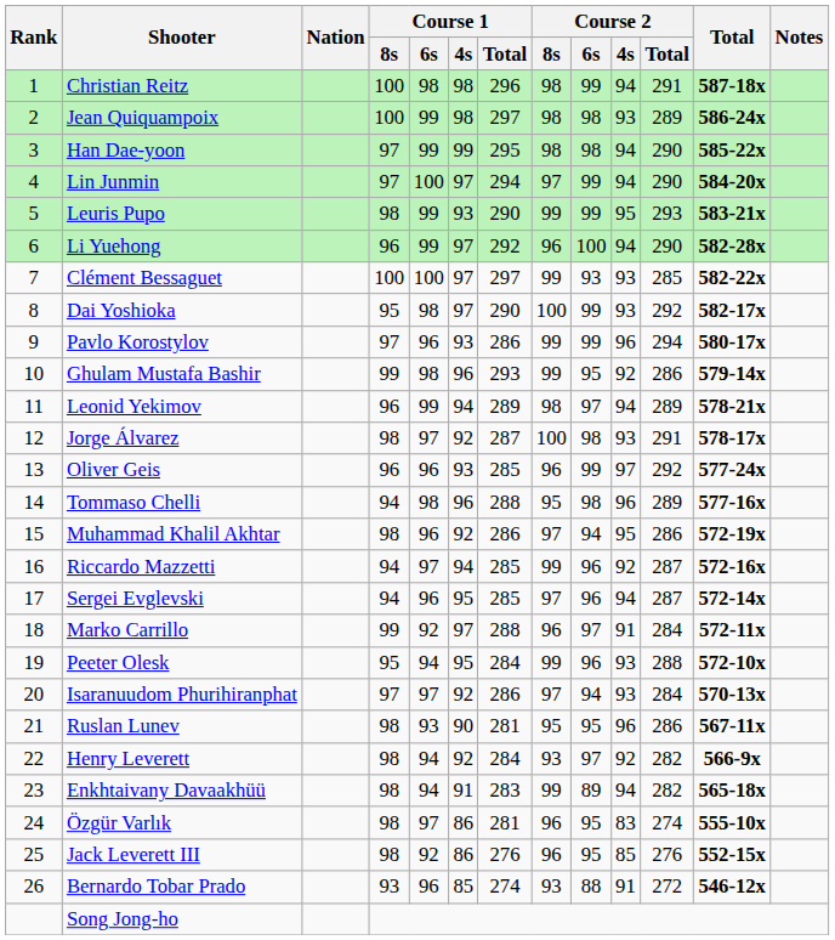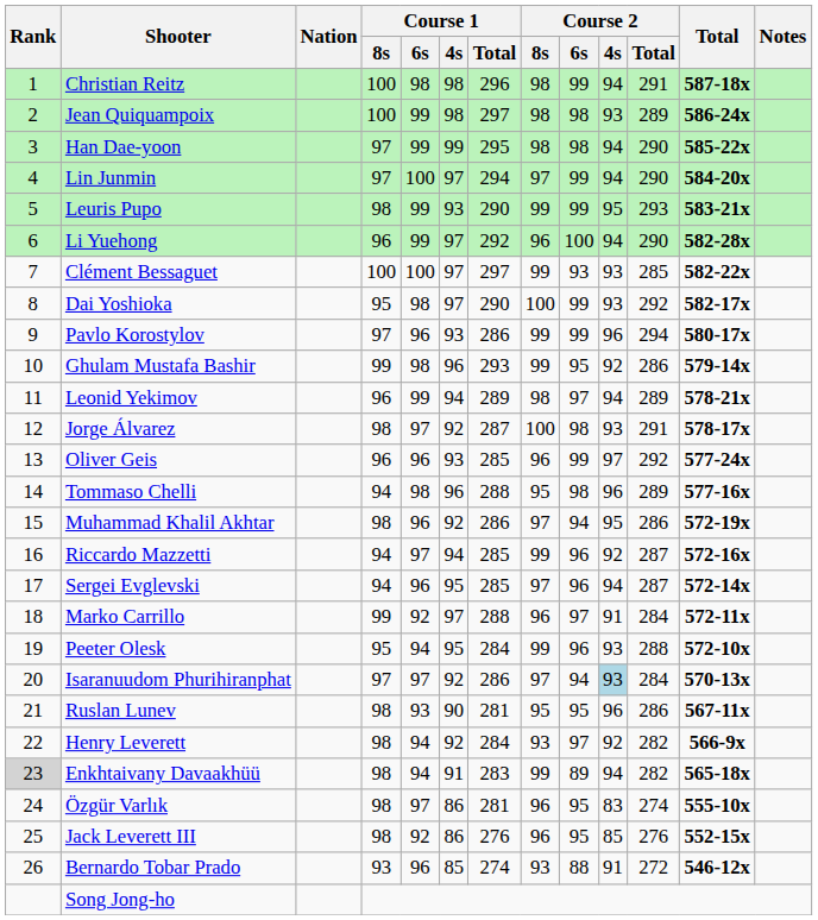 <table class="wikitable sortable" style="text-align: center">
 <tr>
 <th rowspan=2>Rank</th>
 <th rowspan=2>Shooter</th>
 <th rowspan=2>Nation</th>
 <th colspan=4>Course 1</th>
 <th colspan=4>Course 2</th>
 <th rowspan=2>Total</th>
 <th rowspan=2 class="unsortable">Notes</th>
 </tr>
 <tr>
 <th>8s</th>
 <th>6s</th>
 <th>4s</th>
 <th>Total</th>
 <th>8s</th>
 <th>6s</th>
 <th>4s</th>
 <th>Total</th>
 </tr>
 <tr bgcolor=bbf3bb>
 <td>1</td>
 <td align=left><a href='#'>Christian Reitz</a></td>
 <td align=left></td>
 <td>100</td>
 <td>98</td>
 <td>98</td>
 <td>296</td>
 <td>98</td>
 <td>99</td>
 <td>94</td>
 <td>291</td>
 <td><strong>587-18x</strong></td>
 <td></td>
 </tr>
 <tr bgcolor=bbf3bb>
 <td>2</td>
 <td align=left><a href='#'>Jean Quiquampoix</a></td>
 <td align=left></td>
 <td>100</td>
 <td>99</td>
 <td>98</td>
 <td>297</td>
 <td>98</td>
 <td>98</td>
 <td>93</td>
 <td>289</td>
 <td><strong>586-24x</strong></td>
 <td></td>
 </tr>
 <tr bgcolor=bbf3bb>
 <td>3</td>
 <td align=left><a href='#'>Han Dae-yoon</a></td>
 <td align=left></td>
 <td>97</td>
 <td>99</td>
 <td>99</td>
 <td>295</td>
 <td>98</td>
 <td>98</td>
 <td>94</td>
 <td>290</td>
 <td><strong>585-22x</strong></td>
 <td></td>
 </tr>
 <tr bgcolor=bbf3bb>
 <td>4</td>
 <td align=left><a href='#'>Lin Junmin</a></td>
 <td align=left></td>
 <td>97</td>
 <td>100</td>
 <td>97</td>
 <td>294</td>
 <td>97</td>
 <td>99</td>
 <td>94</td>
 <td>290</td>
 <td><strong>584-20x</strong></td>
 <td></td>
 </tr>
 <tr bgcolor=bbf3bb>
 <td>5</td>
 <td align=left><a href='#'>Leuris Pupo</a></td>
 <td align=left></td>
 <td>98</td>
 <td>99</td>
 <td>93</td>
 <td>290</td>
 <td>99</td>
 <td>99</td>
 <td>95</td>
 <td>293</td>
 <td><strong>583-21x</strong></td>
 <td></td>
 </tr>
 <tr bgcolor=bbf3bb>
 <td>6</td>
 <td align=left><a href='#'>Li Yuehong</a></td>
 <td align=left></td>
 <td>96</td>
 <td>99</td>
 <td>97</td>
 <td>292</td>
 <td>96</td>
 <td>100</td>
 <td>94</td>
 <td>290</td>
 <td><strong>582-28x</strong></td>
 <td></td>
 </tr>
 <tr>
 <td>7</td>
 <td align=left><a href='#'>Clément Bessaguet</a></td>
 <td align=left></td>
 <td>100</td>
 <td>100</td>
 <td>97</td>
 <td>297</td>
 <td>99</td>
 <td>93</td>
 <td>93</td>
 <td>285</td>
 <td><strong>582-22x</strong></td>
 <td></td>
 </tr>
 <tr>
 <td>8</td>
 <td align=left><a href='#'>Dai Yoshioka</a></td>
 <td align=left></td>
 <td>95</td>
 <td>98</td>
 <td>97</td>
 <td>290</td>
 <td>100</td>
 <td>99</td>
 <td>93</td>
 <td>292</td>
 <td><strong>582-17x</strong></td>
 <td></td>
 </tr>
 <tr>
 <td>9</td>
 <td align=left><a href='#'>Pavlo Korostylov</a></td>
 <td align=left></td>
 <td>97</td>
 <td>96</td>
 <td>93</td>
 <td>286</td>
 <td>99</td>
 <td>99</td>
 <td>96</td>
 <td>294</td>
 <td><strong>580-17x</strong></td>
 <td></td>
 </tr>
 <tr>
 <td>10</td>
 <td align=left><a href='#'>Ghulam Mustafa Bashir</a></td>
 <td align=left></td>
 <td>99</td>
 <td>98</td>
 <td>96</td>
 <td>293</td>
 <td>99</td>
 <td>95</td>
 <td>92</td>
 <td>286</td>
 <td><strong>579-14x</strong></td>
 <td></td>
 </tr>
 <tr>
 <td>11</td>
 <td align=left><a href='#'>Leonid Yekimov</a></td>
 <td align=left></td>
 <td>96</td>
 <td>99</td>
 <td>94</td>
 <td>289</td>
 <td>98</td>
 <td>97</td>
 <td>94</td>
 <td>289</td>
 <td><strong>578-21x</strong></td>
 <td></td>
 </tr>
 <tr>
 <td>12</td>
 <td align=left><a href='#'>Jorge Álvarez</a></td>
 <td align=left></td>
 <td>98</td>
 <td>97</td>
 <td>92</td>
 <td>287</td>
 <td>100</td>
 <td>98</td>
 <td>93</td>
 <td>291</td>
 <td><strong>578-17x</strong></td>
 <td></td>
 </tr>
 <tr>
 <td>13</td>
 <td align=left><a href='#'>Oliver Geis</a></td>
 <td align=left></td>
 <td>96</td>
 <td>96</td>
 <td>93</td>
 <td>285</td>
 <td>96</td>
 <td>99</td>
 <td>97</td>
 <td>292</td>
 <td><strong>577-24x</strong></td>
 <td></td>
 </tr>
 <tr>
 <td>14</td>
 <td align=left><a href='#'>Tommaso Chelli</a></td>
 <td align=left></td>
 <td>94</td>
 <td>98</td>
 <td>96</td>
 <td>288</td>
 <td>95</td>
 <td>98</td>
 <td>96</td>
 <td>289</td>
 <td><strong>577-16x</strong></td>
 <td></td>
 </tr>
 <tr>
 <td>15</td>
 <td align=left><a href='#'>Muhammad Khalil Akhtar</a></td>
 <td align=left></td>
 <td>98</td>
 <td>96</td>
 <td>92</td>
 <td>286</td>
 <td>97</td>
 <td>94</td>
 <td>95</td>
 <td>286</td>
 <td><strong>572-19x</strong></td>
 <td></td>
 </tr>
 <tr>
 <td>16</td>
 <td align=left><a href='#'>Riccardo Mazzetti</a></td>
 <td align=left></td>
 <td>94</td>
 <td>97</td>
 <td>94</td>
 <td>285</td>
 <td>99</td>
 <td>96</td>
 <td>92</td>
 <td>287</td>
 <td><strong>572-16x</strong></td>
 <td></td>
 </tr>
 <tr>
 <td>17</td>
 <td align=left><a href='#'>Sergei Evglevski</a></td>
 <td align=left></td>
 <td>94</td>
 <td>96</td>
 <td>95</td>
 <td>285</td>
 <td>97</td>
 <td>96</td>
 <td>94</td>
 <td>287</td>
 <td><strong>572-14x</strong></td>
 <td></td>
 </tr>
 <tr>
 <td>18</td>
 <td align=left><a href='#'>Marko Carrillo</a></td>
 <td align=left></td>
 <td>99</td>
 <td>92</td>
 <td>97</td>
 <td>288</td>
 <td>96</td>
 <td>97</td>
 <td>91</td>
 <td>284</td>
 <td><strong>572-11x</strong></td>
 <td></td>
 </tr>
 <tr>
 <td>19</td>
 <td align=left><a href='#'>Peeter Olesk</a></td>
 <td align=left></td>
 <td>95</td>
 <td>94</td>
 <td>95</td>
 <td>284</td>
 <td>99</td>
 <td>96</td>
 <td>93</td>
 <td>288</td>
 <td><strong>572-10x</strong></td>
 <td></td>
 </tr>
 <tr>
 <td>20</td>
 <td align=left><a href='#'>Isaranuudom Phurihiranphat</a></td>
 <td align=left></td>
 <td>97</td>
 <td>97</td>
 <td>92</td>
 <td>286</td>
 <td>97</td>
 <td>94</td>
-<td>93</td>
+<td style="background: lightblue;">93</td>
 <td>284</td>
 <td><strong>570-13x</strong></td>
 <td></td>
 </tr>
 <tr>
 <td>21</td>
 <td align=left><a href='#'>Ruslan Lunev</a></td>
 <td align=left></td>
 <td>98</td>
 <td>93</td>
 <td>90</td>
 <td>281</td>
 <td>95</td>
 <td>95</td>
 <td>96</td>
 <td>286</td>
 <td><strong>567-11x</strong></td>
 <td></td>
 </tr>
 <tr>
 <td>22</td>
 <td align=left><a href='#'>Henry Leverett</a></td>
 <td align=left></td>
 <td>98</td>
 <td>94</td>
 <td>92</td>
 <td>284</td>
 <td>93</td>
 <td>97</td>
 <td>92</td>
 <td>282</td>
 <td><strong>566-9x</strong></td>
 <td></td>
 </tr>
 <tr>
-<td>23</td>
+<td style="background: lightgrey;">23</td>
 <td align=left><a href='#'>Enkhtaivany Davaakhüü</a></td>
 <td align=left></td>
 <td>98</td>
 <td>94</td>
 <td>91</td>
 <td>283</td>
 <td>99</td>
 <td>89</td>
 <td>94</td>
 <td>282</td>
 <td><strong>565-18x</strong></td>
 <td></td>
 </tr>
 <tr>
 <td>24</td>
 <td align=left><a href='#'>Özgür Varlık</a></td>
 <td align=left></td>
 <td>98</td>
 <td>97</td>
 <td>86</td>
 <td>281</td>
 <td>96</td>
 <td>95</td>
 <td>83</td>
 <td>274</td>
 <td><strong>555-10x</strong></td>
 <td></td>
 </tr>
 <tr>
 <td>25</td>
 <td align=left><a href='#'>Jack Leverett III</a></td>
 <td align=left></td>
 <td>98</td>
 <td>92</td>
 <td>86</td>
 <td>276</td>
 <td>96</td>
 <td>95</td>
 <td>85</td>
 <td>276</td>
 <td><strong>552-15x</strong></td>
 <td></td>
 </tr>
 <tr>
 <td>26</td>
 <td align=left><a href='#'>Bernardo Tobar Prado</a></td>
 <td align=left></td>
 <td>93</td>
 <td>96</td>
 <td>85</td>
 <td>274</td>
 <td>93</td>
 <td>88</td>
 <td>91</td>
 <td>272</td>
 <td><strong>546-12x</strong></td>
 <td></td>
 </tr>
 <tr>
 <td></td>
 <td align=left><a href='#'>Song Jong-ho</a></td>
 <td align=left></td>
 <td colspan=10></td>
 </tr>
 </table>
